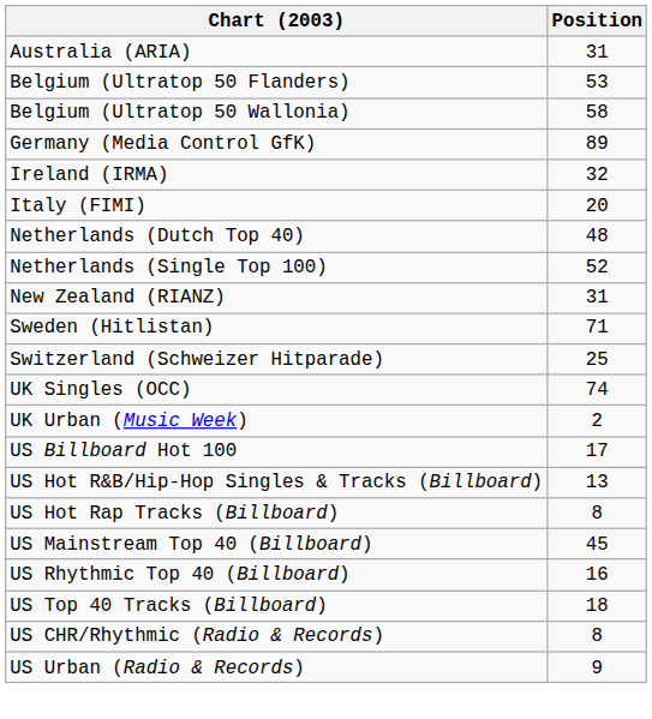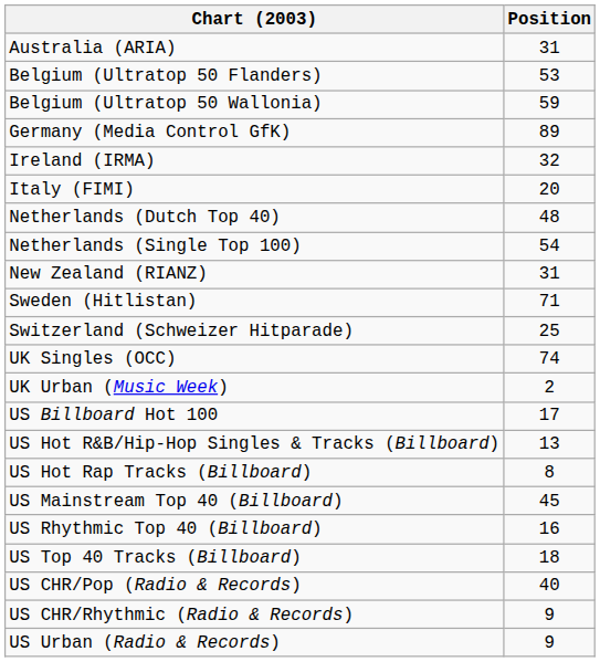 <table class="wikitable sortable">
 <tr>
 <th>Chart (2003)</th>
 <th>Position</th>
 </tr>
 <tr>
 <td align="left">Australia (ARIA)</td>
 <td align="center">31</td>
 </tr>
 <tr>
 <td align="left">Belgium (Ultratop 50 Flanders)</td>
 <td align="center">53</td>
 </tr>
 <tr>
 <td align="left">Belgium (Ultratop 50 Wallonia)</td>
-<td align="center">58</td>
+<td align="center">59</td>
 </tr>
 <tr>
 <td align="left">Germany (Media Control GfK)</td>
 <td align="center">89</td>
 </tr>
 <tr>
 <td align="left">Ireland (IRMA)</td>
 <td align="center">32</td>
 </tr>
 <tr>
 <td align="left">Italy (FIMI)</td>
 <td align="center">20</td>
 </tr>
 <tr>
 <td align="left">Netherlands (Dutch Top 40)</td>
 <td align="center">48</td>
 </tr>
 <tr>
 <td align="left">Netherlands (Single Top 100)</td>
-<td align="center">52</td>
+<td align="center">54</td>
 </tr>
 <tr>
 <td align="left">New Zealand (RIANZ)</td>
 <td align="center">31</td>
 </tr>
 <tr>
 <td align="left">Sweden (Hitlistan)</td>
 <td align="center">71</td>
 </tr>
 <tr>
 <td align="left">Switzerland (Schweizer Hitparade)</td>
 <td align="center">25</td>
 </tr>
 <tr>
 <td align="left">UK Singles (OCC)</td>
 <td align="center">74</td>
 </tr>
 <tr>
 <td>UK Urban (<em><a href='#'>Music Week</a></em>)<br></td>
 <td align="center">2</td>
 </tr>
 <tr>
 <td align="left">US <em>Billboard</em> Hot 100</td>
 <td align="center">17</td>
 </tr>
 <tr>
 <td align="left">US Hot R&B/Hip-Hop Singles & Tracks (<em>Billboard</em>)</td>
 <td align="center">13</td>
 </tr>
 <tr>
 <td align="left">US Hot Rap Tracks (<em>Billboard</em>)</td>
 <td align="center">8</td>
 </tr>
 <tr>
 <td align="left">US Mainstream Top 40 (<em>Billboard</em>)</td>
 <td align="center">45</td>
 </tr>
 <tr>
 <td align="left">US Rhythmic Top 40 (<em>Billboard</em>)</td>
 <td align="center">16</td>
 </tr>
 <tr>
 <td align="left">US Top 40 Tracks (<em>Billboard</em>)</td>
 <td align="center">18</td>
 </tr>
 <tr>
+<td align="left">US CHR/Pop (<em>Radio & Records</em>)</td>
+<td align="center">40</td>
+</tr>
+<tr>
 <td align="left">US CHR/Rhythmic (<em>Radio & Records</em>)</td>
-<td align="center">8</td>
+<td align="center">9</td>
 </tr>
 <tr>
 <td align="left">US Urban (<em>Radio & Records</em>)</td>
 <td align="center">9</td>
 </tr>
 </table>
